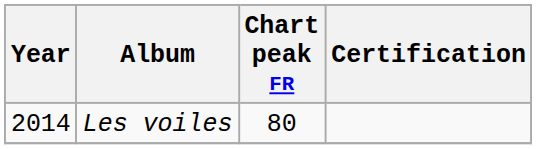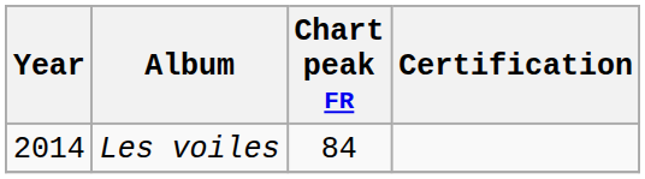 <table class="wikitable">
 <tr>
 <th>Year</th>
 <th>Album</th>
 <th>Chart <br>peak<br><small><a href='#'>FR</a></small></th>
 <th>Certification</th>
 </tr>
 <tr>
 <td>2014</td>
 <td><em>Les voiles</em></td>
-<td style="text-align:center;”">80</td>
+<td style="text-align:center;”">84</td>
 <td></td>
 </tr>
 <tr>
 </tr>
 </table>
